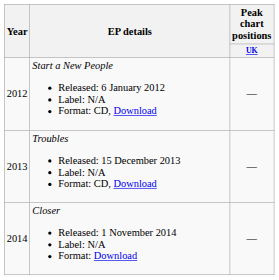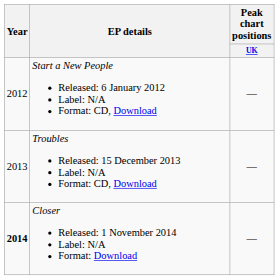 <table class="wikitable" border="1">
 <tr>
 <th rowspan="2">Year</th>
 <th rowspan="2" width="300">EP details</th>
 <th>Peak chart positions</th>
 </tr>
 <tr>
 <th style="width:3em;font-size:75%;"><a href='#'>UK</a><br></th>
 </tr>
 <tr>
 <td>2012</td>
 <td><em>Start a New People</em><br><ul><li>Released: 6 January 2012</li><li>Label: N/A</li><li>Format: CD, <a href='#'>Download</a></li></ul></td>
 <td align="center">—</td>
 </tr>
 <tr>
 <td>2013</td>
 <td><em>Troubles</em><br><ul><li>Released: 15 December 2013</li><li>Label: N/A</li><li>Format: CD, <a href='#'>Download</a></li></ul></td>
 <td align="center">—</td>
 </tr>
 <tr>
-<td>2014</td>
+<td><strong>2014</strong></td>
 <td><em>Closer</em><br><ul><li>Released: 1 November 2014</li><li>Label: N/A</li><li>Format: <a href='#'>Download</a></li></ul></td>
 <td align="center">—</td>
 </tr>
 </table>
